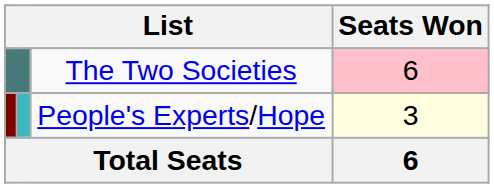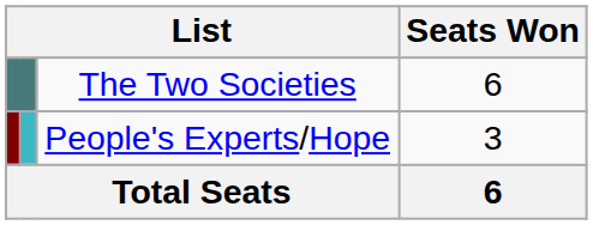 <table class="wikitable" style="text-align:center; margin-left:1em; font-size:91%; float:right;">
 <tr>
 <th colspan=3>List</th>
 <th>Seats Won</th>
 </tr>
 <tr>
 <td style="background:#477979;" colspan="2"></td>
 <td><a href='#'>The Two Societies</a></td>
-<td style="background: pink;">6</td>
+<td>6</td>
 </tr>
 <tr>
 <td style="background:#800000;"></td>
 <td style="background:#3cb8c2;"></td>
 <td><a href='#'>People's Experts</a>/<a href='#'>Hope</a></td>
-<td style="background: lightyellow;">3</td>
+<td>3</td>
 </tr>
 <tr>
 <th colspan=3>Total Seats</th>
 <th colspan=2>6</th>
 </tr>
 </table>
